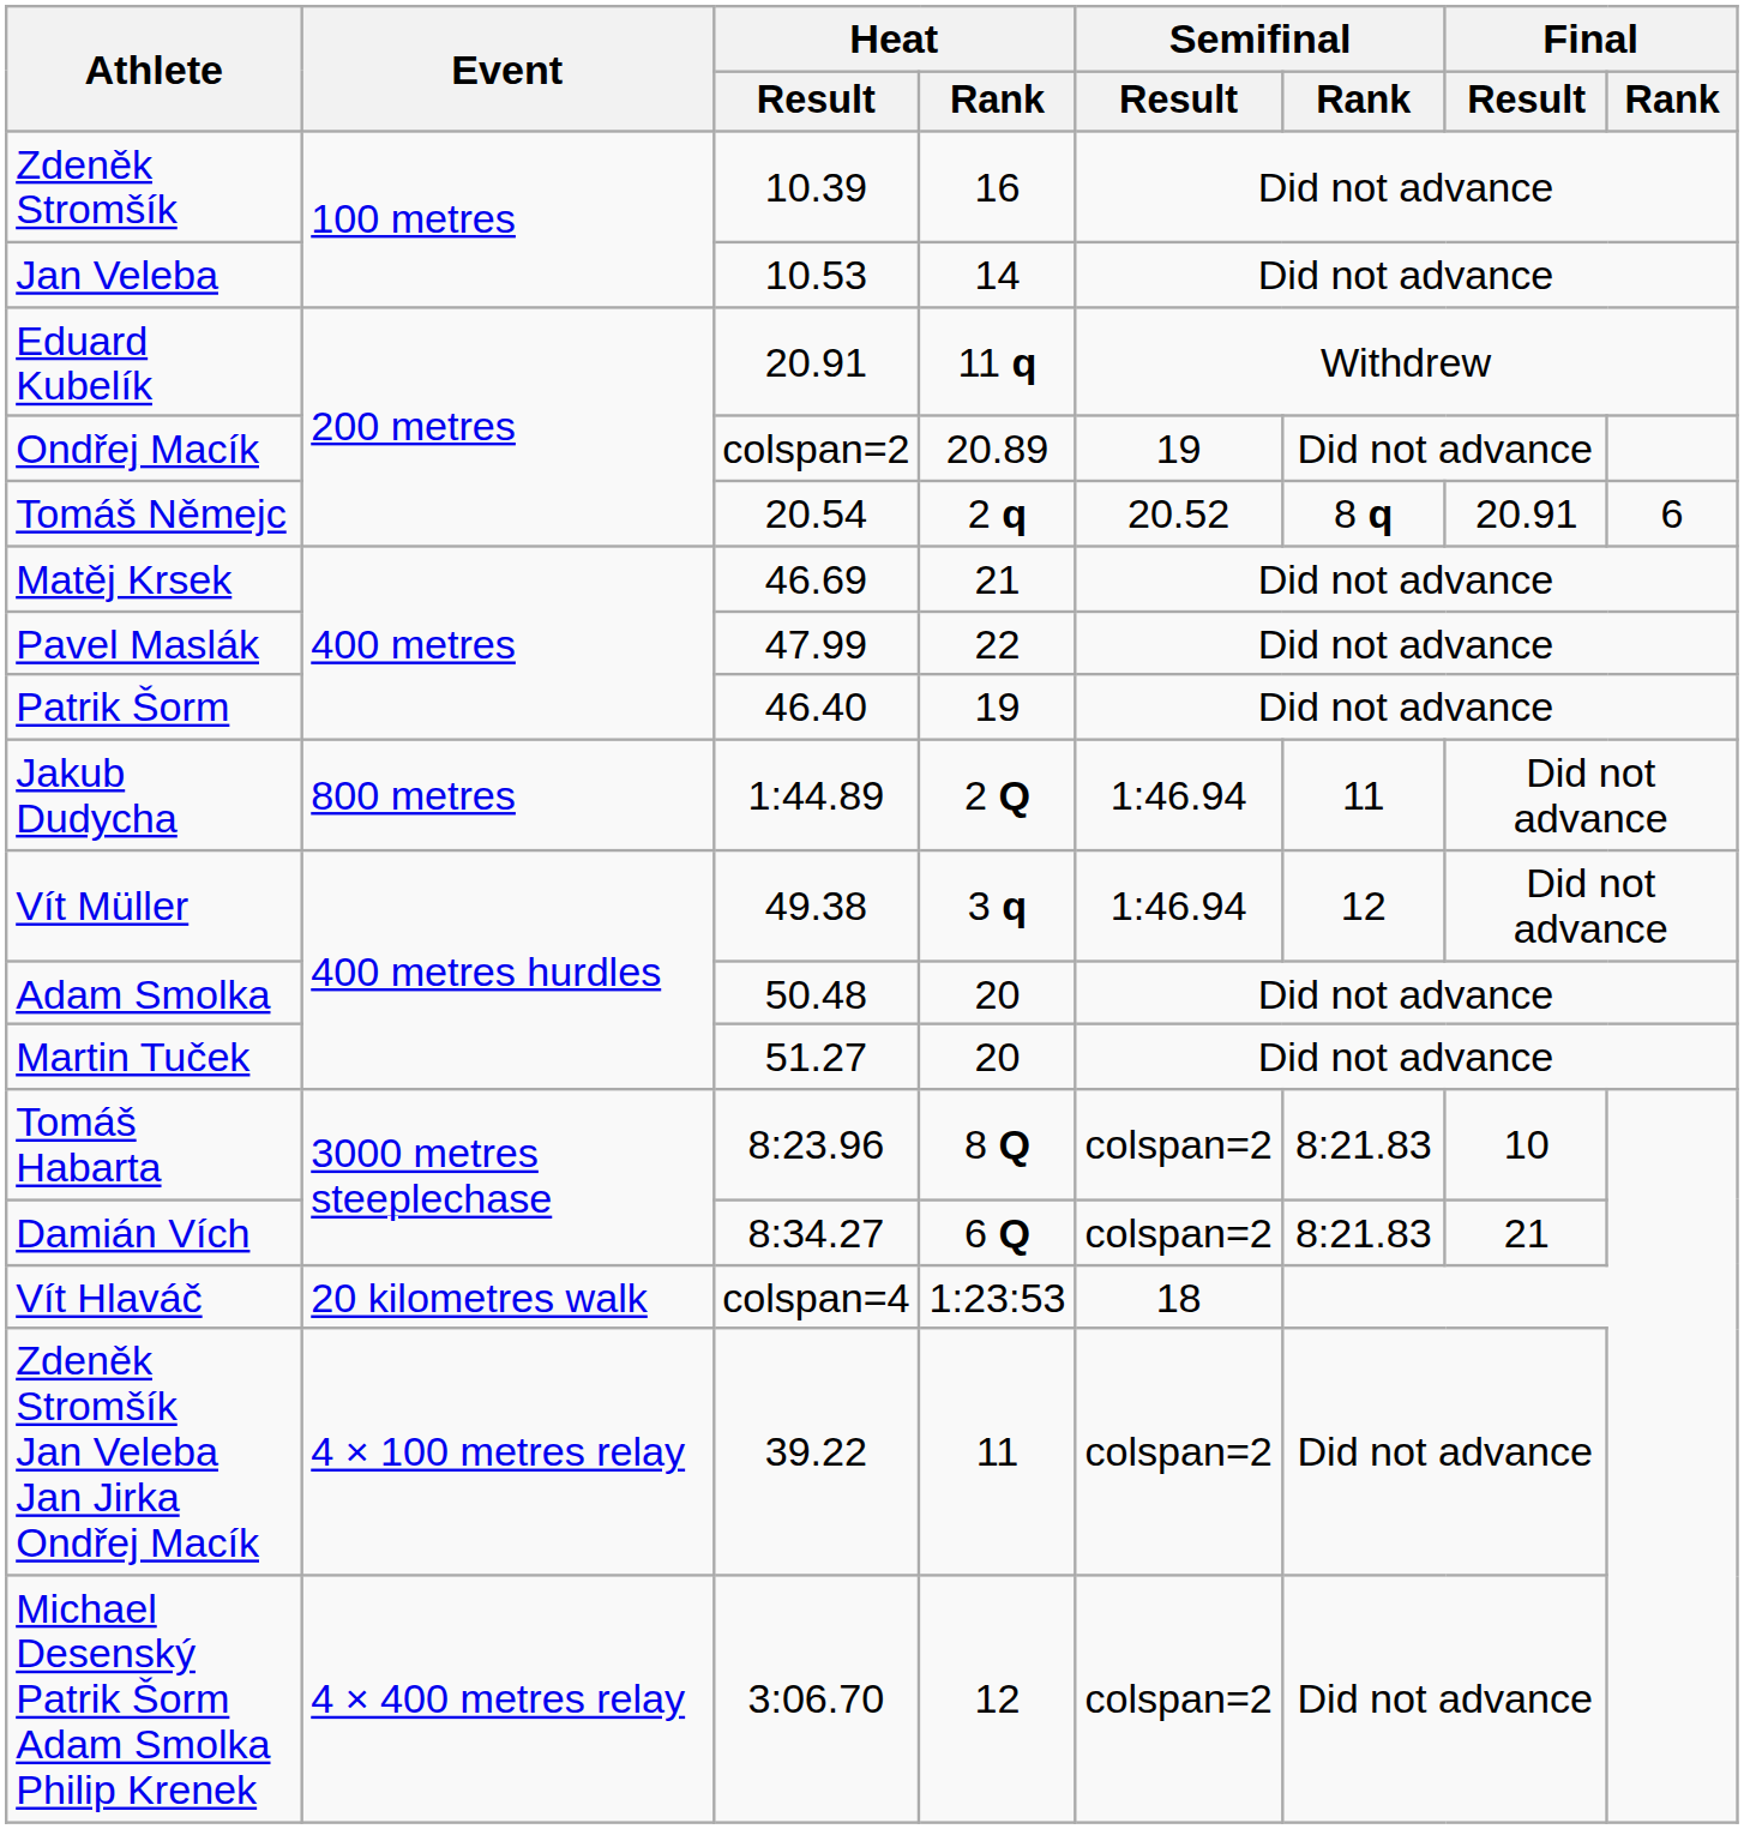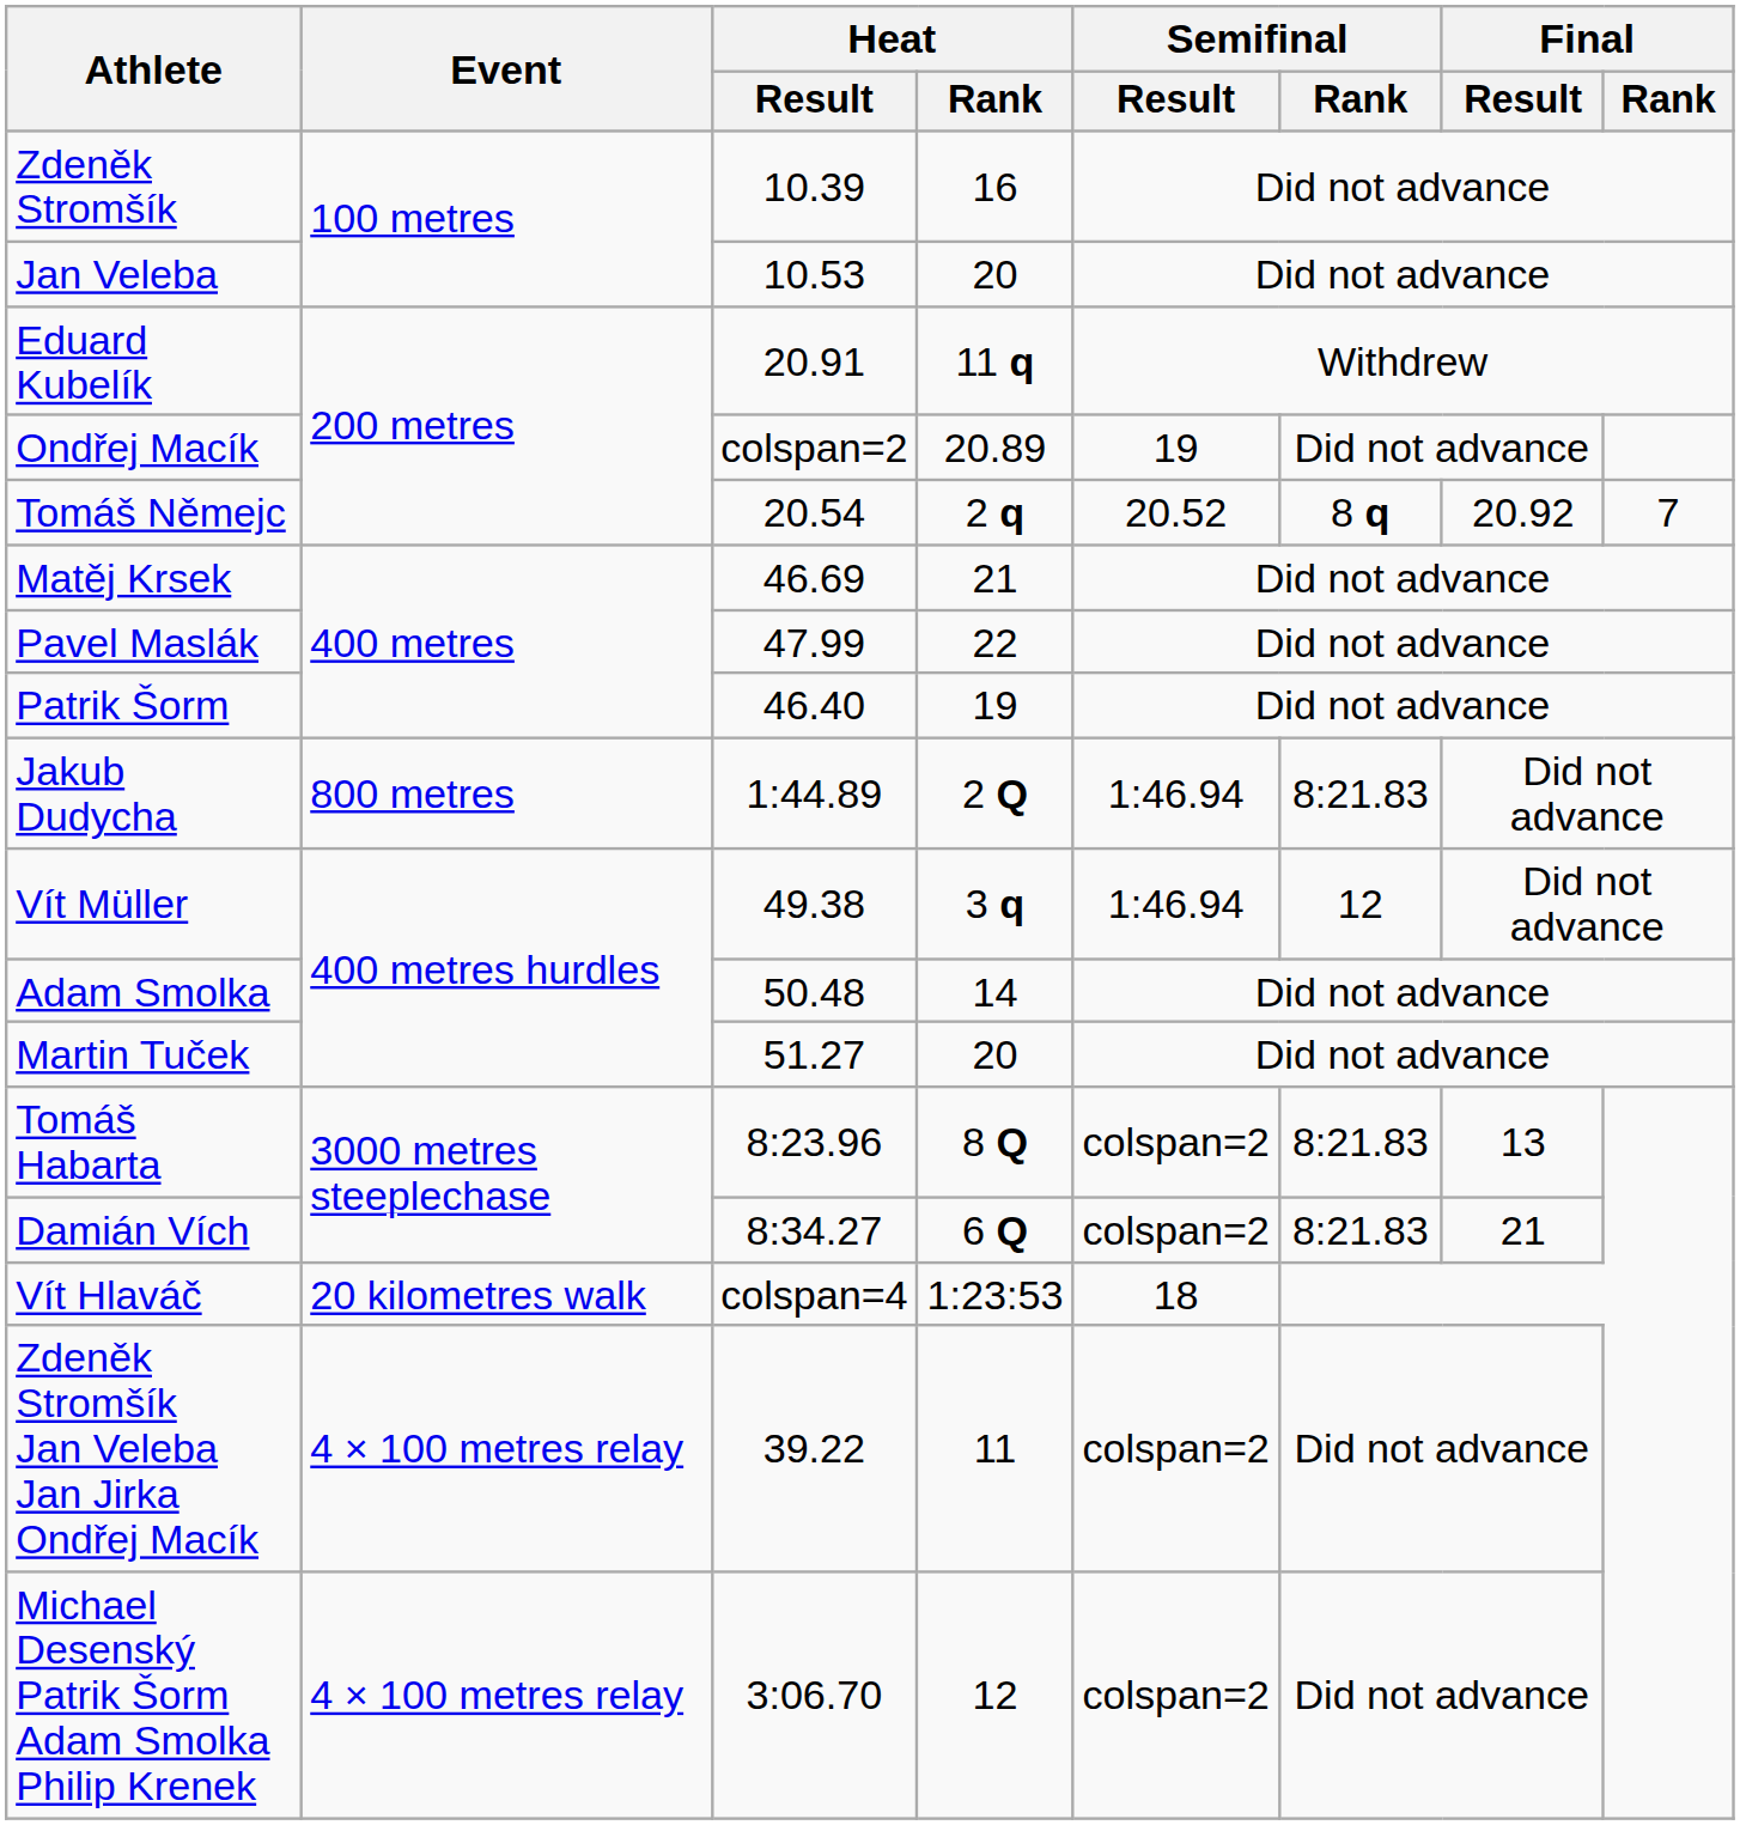 <table class=wikitable style=font-size:90%>
 <tr>
 <th rowspan=2>Athlete</th>
 <th rowspan=2>Event</th>
 <th colspan=2>Heat</th>
 <th colspan=2>Semifinal</th>
 <th colspan=2>Final</th>
 </tr>
 <tr style=font-size:95%>
 <th>Result</th>
 <th>Rank</th>
 <th>Result</th>
 <th>Rank</th>
 <th>Result</th>
 <th>Rank</th>
 </tr>
 <tr align=center>
 <td align=left><a href='#'>Zdeněk Stromšík</a></td>
 <td align=left rowspan=2><a href='#'>100 metres</a></td>
 <td>10.39</td>
 <td>16</td>
 <td colspan=4>Did not advance</td>
 </tr>
 <tr align=center>
 <td align=left><a href='#'>Jan Veleba</a></td>
 <td>10.53 </td>
-<td>14</td>
+<td>20</td>
 <td colspan=4>Did not advance</td>
 </tr>
 <tr align=center>
 <td align=left><a href='#'>Eduard Kubelík</a></td>
 <td align=left rowspan=3><a href='#'>200 metres</a></td>
 <td>20.91</td>
 <td>11 <strong>q</strong></td>
 <td colspan=4>Withdrew</td>
 </tr>
 <tr align=center>
 <td align=left><a href='#'>Ondřej Macík</a></td>
 <td>colspan=2</td>
 <td>20.89</td>
 <td>19</td>
 <td colspan=2>Did not advance</td>
 </tr>
 <tr align=center>
 <td align=left><a href='#'>Tomáš Němejc</a></td>
 <td>20.54 </td>
 <td>2 <strong>q</strong></td>
 <td>20.52 </td>
 <td>8 <strong>q</strong></td>
-<td>20.91</td>
-<td>6</td>
+<td>20.92</td>
+<td>7</td>
 </tr>
 <tr align=center>
 <td align=left><a href='#'>Matěj Krsek</a></td>
 <td align=left rowspan=3><a href='#'>400 metres</a></td>
 <td>46.69</td>
 <td>21</td>
 <td colspan=4>Did not advance</td>
 </tr>
 <tr align=center>
 <td align=left><a href='#'>Pavel Maslák</a></td>
 <td>47.99</td>
 <td>22</td>
 <td colspan=4>Did not advance</td>
 </tr>
 <tr align=center>
 <td align=left><a href='#'>Patrik Šorm</a></td>
 <td>46.40</td>
 <td>19</td>
 <td colspan=4>Did not advance</td>
 </tr>
 <tr align=center>
 <td align=left><a href='#'>Jakub Dudycha</a></td>
 <td align=left><a href='#'>800 metres</a></td>
 <td>1:44.89 </td>
 <td>2 <strong>Q</strong></td>
 <td>1:46.94</td>
-<td>11</td>
+<td>8:21.83 </td>
 <td colspan=2>Did not advance</td>
 </tr>
 <tr align=center>
 <td align=left><a href='#'>Vít Müller</a></td>
 <td align=left rowspan=3><a href='#'>400 metres hurdles</a></td>
 <td>49.38 </td>
 <td>3 <strong>q</strong></td>
 <td>1:46.94</td>
 <td>12</td>
 <td colspan=2>Did not advance</td>
 </tr>
 <tr align=center>
 <td align=left><a href='#'>Adam Smolka</a></td>
 <td>50.48 </td>
-<td>20</td>
+<td>14</td>
 <td colspan=4>Did not advance</td>
 </tr>
 <tr align=center>
 <td align=left><a href='#'>Martin Tuček</a></td>
 <td>51.27</td>
 <td>20</td>
 <td colspan=4>Did not advance</td>
 </tr>
 <tr align=center>
 <td align=left><a href='#'>Tomáš Habarta</a></td>
 <td align=left rowspan=2><a href='#'>3000 metres steeplechase</a></td>
 <td>8:23.96</td>
 <td>8 <strong>Q</strong></td>
 <td>colspan=2</td>
 <td>8:21.83 </td>
-<td>10</td>
+<td>13</td>
 </tr>
 <tr align=center>
 <td align=left><a href='#'>Damián Vích</a></td>
 <td>8:34.27</td>
 <td>6 <strong>Q</strong></td>
 <td>colspan=2</td>
 <td>8:21.83 </td>
 <td>21</td>
 </tr>
 <tr align=center>
 <td align=left><a href='#'>Vít Hlaváč</a></td>
 <td align=left><a href='#'>20 kilometres walk</a></td>
 <td>colspan=4</td>
 <td>1:23:53</td>
 <td>18</td>
 </tr>
 <tr align=center>
 <td align=left><a href='#'>Zdeněk Stromšík</a><br><a href='#'>Jan Veleba</a><br><a href='#'>Jan Jirka</a><br><a href='#'>Ondřej Macík</a></td>
 <td align=left><a href='#'>4 × 100 metres relay</a></td>
 <td>39.22</td>
 <td>11</td>
 <td>colspan=2</td>
 <td colspan=2>Did not advance</td>
 </tr>
 <tr align=center>
 <td align=left><a href='#'>Michael Desenský</a><br><a href='#'>Patrik Šorm</a><br><a href='#'>Adam Smolka</a><br><a href='#'>Philip Krenek</a></td>
-<td align=left><a href='#'>4 × 400 metres relay</a></td>
+<td align=left><a href='#'>4 × 100 metres relay</a></td>
 <td>3:06.70</td>
 <td>12</td>
 <td>colspan=2</td>
 <td colspan=2>Did not advance</td>
 </tr>
 </table>
